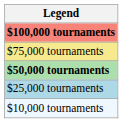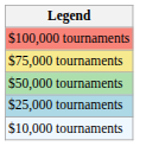 <table class="wikitable"  style="font-size:85%">
 <tr>
 <th>Legend</th>
 </tr>
 <tr style="background:#f88379;">
-<td><strong>$100,000 tournaments</strong></td>
+<td>$100,000 tournaments</td>
 </tr>
 <tr style="background:#f7e98e;">
 <td>$75,000 tournaments</td>
 </tr>
 <tr style="background:#addfad;">
-<td><strong>$50,000 tournaments</strong></td>
+<td>$50,000 tournaments</td>
 </tr>
 <tr style="background:lightblue;">
 <td>$25,000 tournaments</td>
 </tr>
 <tr style="background:#f0f8ff;">
 <td>$10,000 tournaments</td>
 </tr>
 </table>
